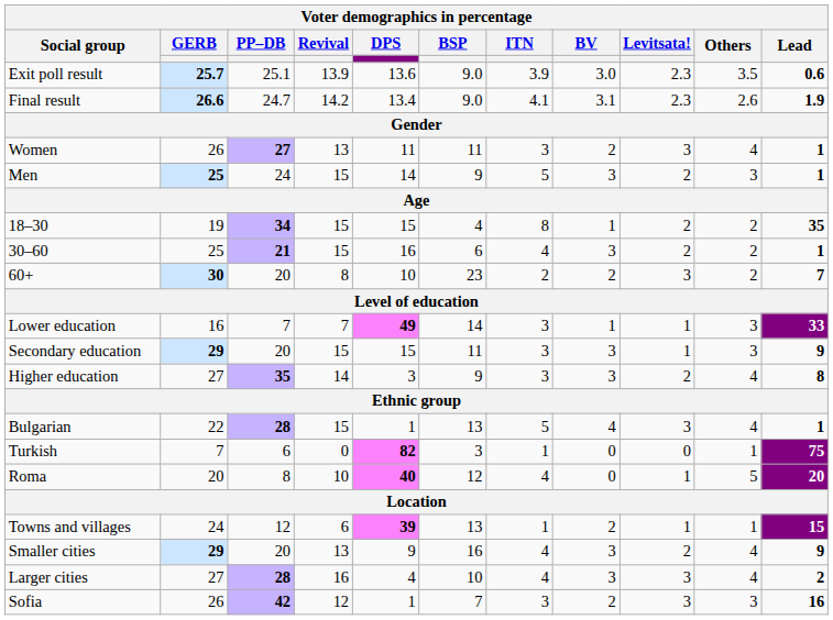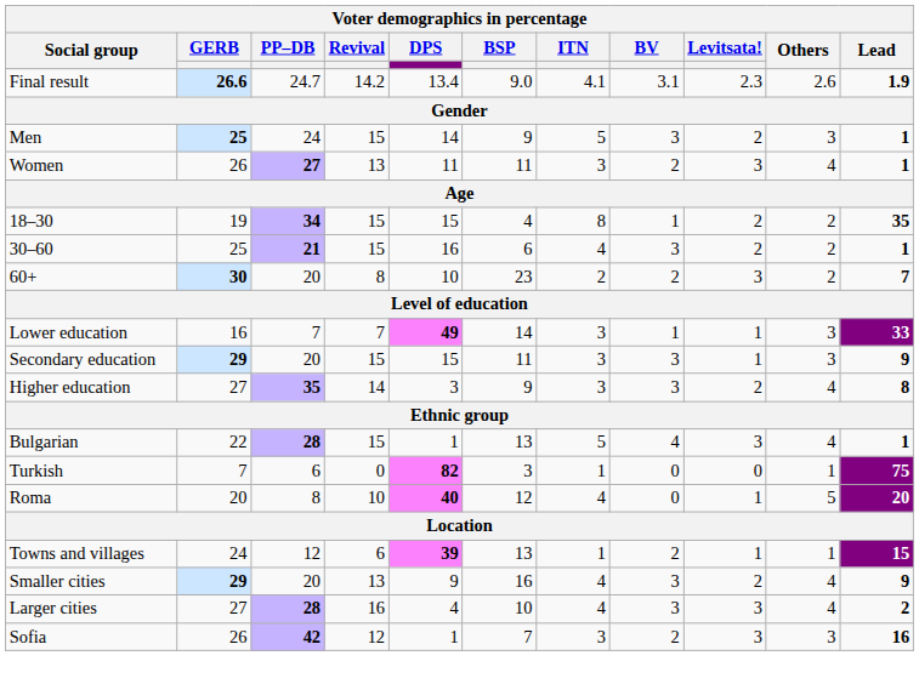 <table class=wikitable>
 <tr>
 <th colspan="11">Voter demographics in percentage</th>
 </tr>
 <tr>
 <th style="width:150px" rowspan="2">Social group</th>
 <th style="width:60px" class="unsortable"><a href='#'>GERB</a></th>
 <th style="width:60px" class="unsortable"><a href='#'>PP–DB</a></th>
 <th><a href='#'>Revival</a></th>
 <th style="width:60px" class="unsortable"><a href='#'>DPS</a></th>
 <th style="width:60px" class="unsortable"><a href='#'>BSP</a></th>
 <th style="width:60px" class="unsortable"><a href='#'>ITN</a></th>
 <th style="width:60px" class="unsortable"><a href='#'>BV</a></th>
 <th style="width:60px" class="unsortable"><a href='#'>Levitsata!</a></th>
 <th style="width:60px" rowspan="2" class="unsortable">Others</th>
 <th style="width:60px" rowspan="2" class="unsortable">Lead</th>
 </tr>
 <tr>
 <th class="unsortable" style="color:inherit;background:"></th>
 <th class="unsortable" style="color:inherit;background:"></th>
 <th class="unsortable" style="color:inherit;background:"></th>
 <th class="unsortable" style="color:inherit;background:#800080;  width:60px"></th>
 <th class="unsortable" style="color:inherit;background:"></th>
 <th class="unsortable" style="color:inherit;background:"></th>
 <th class="unsortable" style="color:inherit;background:"></th>
 <th class="unsortable" style="color:inherit;background:"></th>
 </tr>
 <tr>
-<td>Exit poll result</td>
-<td style="text-align:right; background:#CCE6FF"><strong>25.7</strong></td>
-<td style="text-align:right">25.1</td>
-<td style="text-align:right">13.9</td>
-<td style="text-align:right">13.6</td>
-<td style="text-align:right">9.0</td>
-<td style="text-align:right">3.9</td>
-<td style="text-align:right">3.0</td>
-<td style="text-align:right">2.3</td>
-<td style="text-align:right">3.5</td>
-<td style="text-align:right; background:"><strong>0.6</strong></td>
-</tr>
-<tr>
 <td>Final result</td>
 <td style="text-align:right; background:#CCE6FF"><strong>26.6</strong></td>
 <td style="text-align:right">24.7</td>
 <td style="text-align:right">14.2</td>
 <td style="text-align:right">13.4</td>
 <td style="text-align:right">9.0</td>
 <td style="text-align:right">4.1</td>
 <td style="text-align:right">3.1</td>
 <td style="text-align:right">2.3</td>
 <td style="text-align:right">2.6</td>
 <td style="text-align:right; background:"><strong>1.9</strong></td>
 </tr>
 <tr>
 <th colspan="11">Gender</th>
 </tr>
 <tr>
+<td>Men</td>
+<td style="text-align:right; background:#CCE6FF"><strong>25</strong></td>
+<td style="text-align:right">24</td>
+<td style="text-align:right">15</td>
+<td style="text-align:right">14</td>
+<td style="text-align:right">9</td>
+<td style="text-align:right">5</td>
+<td style="text-align:right">3</td>
+<td style="text-align:right">2</td>
+<td style="text-align:right">3</td>
+<td style="text-align:right; background:"><strong>1</strong></td>
+</tr>
+<tr>
 <td>Women</td>
 <td style="text-align:right">26</td>
 <td style="text-align:right; background:#c6b3ff"><strong>27</strong></td>
 <td style="text-align:right">13</td>
 <td style="text-align:right">11</td>
 <td style="text-align:right">11</td>
 <td style="text-align:right">3</td>
 <td style="text-align:right">2</td>
 <td style="text-align:right">3</td>
 <td style="text-align:right">4</td>
-<td style="text-align:right; background:"><strong>1</strong></td>
-</tr>
-<tr>
-<td>Men</td>
-<td style="text-align:right; background:#CCE6FF"><strong>25</strong></td>
-<td style="text-align:right">24</td>
-<td style="text-align:right">15</td>
-<td style="text-align:right">14</td>
-<td style="text-align:right">9</td>
-<td style="text-align:right">5</td>
-<td style="text-align:right">3</td>
-<td style="text-align:right">2</td>
-<td style="text-align:right">3</td>
 <td style="text-align:right; background:"><strong>1</strong></td>
 </tr>
 <tr>
 <th colspan="11">Age</th>
 </tr>
 <tr>
 <td>18–30</td>
 <td style="text-align:right">19</td>
 <td style="text-align:right; background:#c6b3ff"><strong>34</strong></td>
 <td style="text-align:right">15</td>
 <td style="text-align:right">15</td>
 <td style="text-align:right">4</td>
 <td style="text-align:right">8</td>
 <td style="text-align:right">1</td>
 <td style="text-align:right">2</td>
 <td style="text-align:right">2</td>
 <td style="text-align:right; background:"><strong>35</strong></td>
 </tr>
 <tr>
 <td>30–60</td>
 <td style="text-align:right">25</td>
 <td style="text-align:right; background:#c6b3ff"><strong>21</strong></td>
 <td style="text-align:right">15</td>
 <td style="text-align:right">16</td>
 <td style="text-align:right">6</td>
 <td style="text-align:right">4</td>
 <td style="text-align:right">3</td>
 <td style="text-align:right">2</td>
 <td style="text-align:right">2</td>
 <td style="text-align:right; background:"><strong>1</strong></td>
 </tr>
 <tr>
 <td>60+</td>
 <td style="text-align:right; background:#CCE6FF"><strong>30</strong></td>
 <td style="text-align:right">20</td>
 <td style="text-align:right">8</td>
 <td style="text-align:right">10</td>
 <td style="text-align:right">23</td>
 <td style="text-align:right">2</td>
 <td style="text-align:right">2</td>
 <td style="text-align:right">3</td>
 <td style="text-align:right">2</td>
 <td style="text-align:right; background:"><strong>7</strong></td>
 </tr>
 <tr>
 <th colspan="11">Level of education</th>
 </tr>
 <tr>
 <td>Lower education</td>
 <td style="text-align:right">16</td>
 <td style="text-align:right">7</td>
 <td style="text-align:right">7</td>
 <td style="text-align:right; background:#FC81FC"><strong>49</strong></td>
 <td style="text-align:right">14</td>
 <td style="text-align:right">3</td>
 <td style="text-align:right">1</td>
 <td style="text-align:right">1</td>
 <td style="text-align:right">3</td>
 <td style="text-align:right; background:#800080; color:white"><strong>33</strong></td>
 </tr>
 <tr>
 <td>Secondary education</td>
 <td style="text-align:right; background:#CCE6FF"><strong>29</strong></td>
 <td style="text-align:right">20</td>
 <td style="text-align:right">15</td>
 <td style="text-align:right">15</td>
 <td style="text-align:right">11</td>
 <td style="text-align:right">3</td>
 <td style="text-align:right">3</td>
 <td style="text-align:right">1</td>
 <td style="text-align:right">3</td>
 <td style="text-align:right; background:"><strong>9</strong></td>
 </tr>
 <tr>
 <td>Higher education</td>
 <td style="text-align:right">27</td>
 <td style="text-align:right; background:#c6b3ff"><strong>35</strong></td>
 <td style="text-align:right">14</td>
 <td style="text-align:right">3</td>
 <td style="text-align:right">9</td>
 <td style="text-align:right">3</td>
 <td style="text-align:right">3</td>
 <td style="text-align:right">2</td>
 <td style="text-align:right">4</td>
 <td style="text-align:right; background:"><strong>8</strong></td>
 </tr>
 <tr>
 <th colspan="11">Ethnic group</th>
 </tr>
 <tr>
 <td>Bulgarian</td>
 <td style="text-align:right">22</td>
 <td style="text-align:right; background:#c6b3ff"><strong>28</strong></td>
 <td style="text-align:right">15</td>
 <td style="text-align:right">1</td>
 <td style="text-align:right">13</td>
 <td style="text-align:right">5</td>
 <td style="text-align:right">4</td>
 <td style="text-align:right">3</td>
 <td style="text-align:right">4</td>
 <td style="text-align:right; background:"><strong>1</strong></td>
 </tr>
 <tr>
 <td>Turkish</td>
 <td style="text-align:right">7</td>
 <td style="text-align:right">6</td>
 <td style="text-align:right">0</td>
 <td style="text-align:right; background:#FC81FC"><strong>82</strong></td>
 <td style="text-align:right">3</td>
 <td style="text-align:right">1</td>
 <td style="text-align:right">0</td>
 <td style="text-align:right">0</td>
 <td style="text-align:right">1</td>
 <td style="text-align:right; background:#800080; color:white"><strong>75</strong></td>
 </tr>
 <tr>
 <td>Roma</td>
 <td style="text-align:right">20</td>
 <td style="text-align:right">8</td>
 <td style="text-align:right">10</td>
 <td style="text-align:right; background:#FC81FC"><strong>40</strong></td>
 <td style="text-align:right">12</td>
 <td style="text-align:right">4</td>
 <td style="text-align:right">0</td>
 <td style="text-align:right">1</td>
 <td style="text-align:right">5</td>
 <td style="text-align:right; background:#800080; color:white"><strong>20</strong></td>
 </tr>
 <tr>
 <th colspan="11">Location</th>
 </tr>
 <tr>
 <td>Towns and villages</td>
 <td style="text-align:right">24</td>
 <td style="text-align:right">12</td>
 <td style="text-align:right">6</td>
 <td style="text-align:right; background:#FC81FC"><strong>39</strong></td>
 <td style="text-align:right">13</td>
 <td style="text-align:right">1</td>
 <td style="text-align:right">2</td>
 <td style="text-align:right">1</td>
 <td style="text-align:right">1</td>
 <td style="text-align:right; background:#800080; color:white"><strong>15</strong></td>
 </tr>
 <tr>
 <td>Smaller cities</td>
 <td style="text-align:right; background:#CCE6FF"><strong>29</strong></td>
 <td style="text-align:right">20</td>
 <td style="text-align:right">13</td>
 <td style="text-align:right">9</td>
 <td style="text-align:right">16</td>
 <td style="text-align:right">4</td>
 <td style="text-align:right">3</td>
 <td style="text-align:right">2</td>
 <td style="text-align:right">4</td>
 <td style="text-align:right; background:"><strong>9</strong></td>
 </tr>
 <tr>
 <td>Larger cities</td>
 <td style="text-align:right">27</td>
 <td style="text-align:right; background:#c6b3ff"><strong>28</strong></td>
 <td style="text-align:right">16</td>
 <td style="text-align:right">4</td>
 <td style="text-align:right">10</td>
 <td style="text-align:right">4</td>
 <td style="text-align:right">3</td>
 <td style="text-align:right">3</td>
 <td style="text-align:right">4</td>
 <td style="text-align:right; background:"><strong>2</strong></td>
 </tr>
 <tr>
 <td>Sofia</td>
 <td style="text-align:right">26</td>
 <td style="text-align:right; background:#c6b3ff"><strong>42</strong></td>
 <td style="text-align:right">12</td>
 <td style="text-align:right">1</td>
 <td style="text-align:right">7</td>
 <td style="text-align:right">3</td>
 <td style="text-align:right">2</td>
 <td style="text-align:right">3</td>
 <td style="text-align:right">3</td>
 <td style="text-align:right; background:"><strong>16</strong></td>
 </tr>
 </table>
